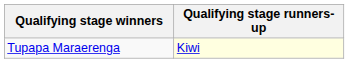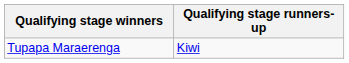 <table class="wikitable">
 <tr>
 <th width=210>Qualifying stage winners</th>
 <th width=210>Qualifying stage runners-up</th>
 </tr>
 <tr>
 <td> <a href='#'>Tupapa Maraerenga</a></td>
-<td style="background: lightyellow;"> <a href='#'>Kiwi</a></td>
+<td> <a href='#'>Kiwi</a></td>
 </tr>
 </table>
